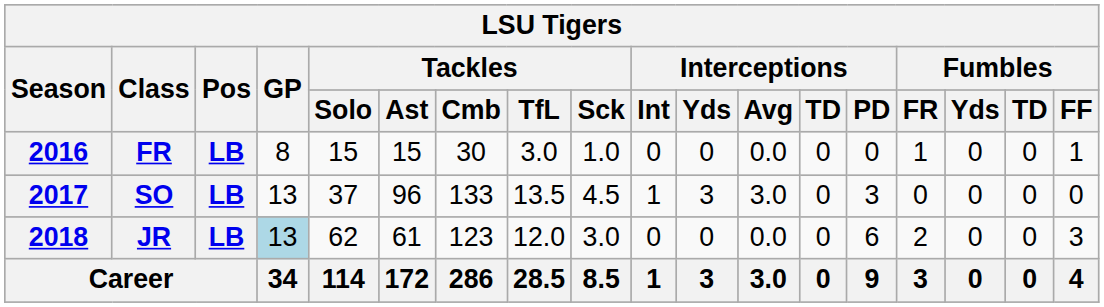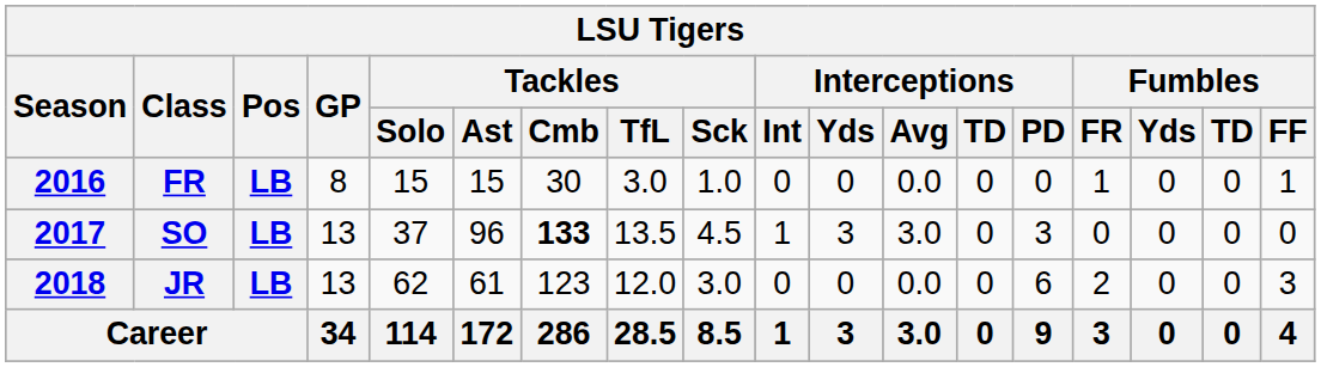 <table class="wikitable" style="text-align:center;">
 <tr>
 <th colspan="18">LSU Tigers</th>
 </tr>
 <tr>
 <th rowspan="2">Season</th>
 <th rowspan="2">Class</th>
 <th rowspan="2">Pos</th>
 <th rowspan="2">GP</th>
 <th colspan="5">Tackles</th>
 <th colspan="5">Interceptions</th>
 <th colspan="4">Fumbles</th>
 </tr>
 <tr>
 <th>Solo</th>
 <th>Ast</th>
 <th>Cmb</th>
 <th>TfL</th>
 <th>Sck</th>
 <th>Int</th>
 <th>Yds</th>
 <th>Avg</th>
 <th>TD</th>
 <th>PD</th>
 <th>FR</th>
 <th>Yds</th>
 <th>TD</th>
 <th>FF</th>
 </tr>
 <tr>
 <th><a href='#'>2016</a></th>
 <th><a href='#'>FR</a></th>
 <th><a href='#'>LB</a></th>
 <td>8</td>
 <td>15</td>
 <td>15</td>
 <td>30</td>
 <td>3.0</td>
 <td>1.0</td>
 <td>0</td>
 <td>0</td>
 <td>0.0</td>
 <td>0</td>
 <td>0</td>
 <td>1</td>
 <td>0</td>
 <td>0</td>
 <td>1</td>
 </tr>
 <tr>
 <th><a href='#'>2017</a></th>
 <th><a href='#'>SO</a></th>
 <th><a href='#'>LB</a></th>
 <td>13</td>
 <td>37</td>
 <td>96</td>
-<td>133</td>
+<td><strong>133</strong></td>
 <td>13.5</td>
 <td>4.5</td>
 <td>1</td>
 <td>3</td>
 <td>3.0</td>
 <td>0</td>
 <td>3</td>
 <td>0</td>
 <td>0</td>
 <td>0</td>
 <td>0</td>
 </tr>
 <tr>
 <th><a href='#'>2018</a></th>
 <th><a href='#'>JR</a></th>
 <th><a href='#'>LB</a></th>
-<td style="background: lightblue;">13</td>
+<td>13</td>
 <td>62</td>
 <td>61</td>
 <td>123</td>
 <td>12.0</td>
 <td>3.0</td>
 <td>0</td>
 <td>0</td>
 <td>0.0</td>
 <td>0</td>
 <td>6</td>
 <td>2</td>
 <td>0</td>
 <td>0</td>
 <td>3</td>
 </tr>
 <tr>
 <th colspan="3">Career</th>
 <th>34</th>
 <th>114</th>
 <th>172</th>
 <th>286</th>
 <th>28.5</th>
 <th>8.5</th>
 <th>1</th>
 <th>3</th>
 <th>3.0</th>
 <th>0</th>
 <th>9</th>
 <th>3</th>
 <th>0</th>
 <th>0</th>
 <th>4</th>
 </tr>
 </table>
